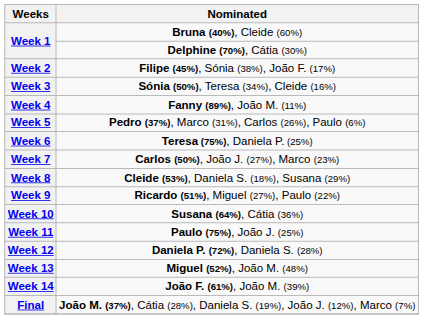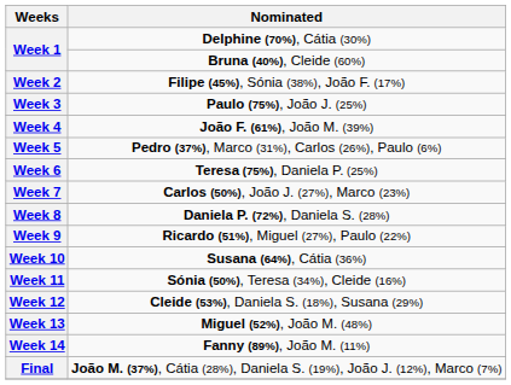 <table class="wikitable" style="font-size:90%; text-align:center; margin-left: auto; margin-right: auto">
 <tr>
 <th>Weeks</th>
 <th>Nominated</th>
 </tr>
 <tr>
 <th rowspan="2"><a href='#'>Week 1</a></th>
-<td><strong>Bruna <small>(40%)</small></strong>, Cleide <small>(60%)</small></td>
+<td><strong>Delphine <small>(70%)</small></strong>, Cátia <small>(30%)</small></td>
 </tr>
 <tr>
-<td><strong>Delphine <small>(70%)</small></strong>, Cátia <small>(30%)</small></td>
+<td><strong>Bruna <small>(40%)</small></strong>, Cleide <small>(60%)</small></td>
 </tr>
 <tr>
 <th><a href='#'>Week 2</a></th>
 <td><strong>Filipe <small>(45%)</small></strong>, Sónia <small>(38%)</small>, João F. <small>(17%)</small></td>
 </tr>
 <tr>
 <th><a href='#'>Week 3</a></th>
-<td><strong>Sónia <small>(50%)</small></strong>, Teresa <small>(34%)</small>, Cleide <small>(16%)</small></td>
+<td><strong>Paulo <small>(75%)</small></strong>, João J. <small>(25%)</small></td>
 </tr>
 <tr>
 <th><a href='#'>Week 4</a></th>
-<td><strong>Fanny <small>(89%)</small></strong>, João M. <small>(11%)</small></td>
+<td><strong>João F. <small>(61%)</small></strong>, João M. <small>(39%)</small></td>
 </tr>
 <tr>
 <th><a href='#'>Week 5</a></th>
 <td><strong>Pedro <small>(37%)</small></strong>, Marco <small>(31%)</small>, Carlos <small>(26%)</small>, Paulo <small>(6%)</small></td>
 </tr>
 <tr>
 <th><a href='#'>Week 6</a></th>
 <td><strong>Teresa<small> (75%)</small></strong>,  Daniela P.<small> (25%)</small></td>
 </tr>
 <tr>
 <th><a href='#'>Week 7</a></th>
 <td><strong>Carlos <small>(50%)</small></strong>, João J. <small>(27%)</small>, Marco <small>(23%)</small></td>
 </tr>
 <tr>
 <th><a href='#'>Week 8</a></th>
-<td><strong>Cleide <small>(53%)</small></strong>, Daniela S. <small>(18%)</small>,   Susana <small>(29%)</small></td>
+<td><strong>Daniela P. <small>(72%)</small></strong>, Daniela S. <small>(28%)</small></td>
 </tr>
 <tr>
 <th><a href='#'>Week 9</a></th>
 <td><strong>Ricardo <small>(51%)</small></strong>, Miguel <small>(27%)</small>, Paulo <small>(22%)</small></td>
 </tr>
 <tr>
 <th><a href='#'>Week 10</a></th>
 <td><strong>Susana <small>(64%)</small></strong>, Cátia <small>(36%)</small></td>
 </tr>
 <tr>
 <th><a href='#'>Week 11</a></th>
-<td><strong>Paulo <small>(75%)</small></strong>, João J. <small>(25%)</small></td>
+<td><strong>Sónia <small>(50%)</small></strong>, Teresa <small>(34%)</small>, Cleide <small>(16%)</small></td>
 </tr>
 <tr>
 <th><a href='#'>Week 12</a></th>
-<td><strong>Daniela P. <small>(72%)</small></strong>, Daniela S. <small>(28%)</small></td>
+<td><strong>Cleide <small>(53%)</small></strong>, Daniela S. <small>(18%)</small>,   Susana <small>(29%)</small></td>
 </tr>
 <tr>
 <th><a href='#'>Week 13</a></th>
 <td><strong>Miguel <small>(52%)</small></strong>, João M. <small>(48%)</small></td>
 </tr>
 <tr>
 <th><a href='#'>Week 14</a></th>
-<td><strong>João F. <small>(61%)</small></strong>, João M. <small>(39%)</small></td>
+<td><strong>Fanny <small>(89%)</small></strong>, João M. <small>(11%)</small></td>
 </tr>
 <tr>
 <th><a href='#'>Final</a></th>
 <td><strong>João M. <small>(37%)</small></strong>, Cátia <small>(28%)</small>, Daniela S. <small>(19%)</small>, João J. <small>(12%)</small>, Marco <small>(7%)</small></td>
 </tr>
 <tr>
 </tr>
 </table>
